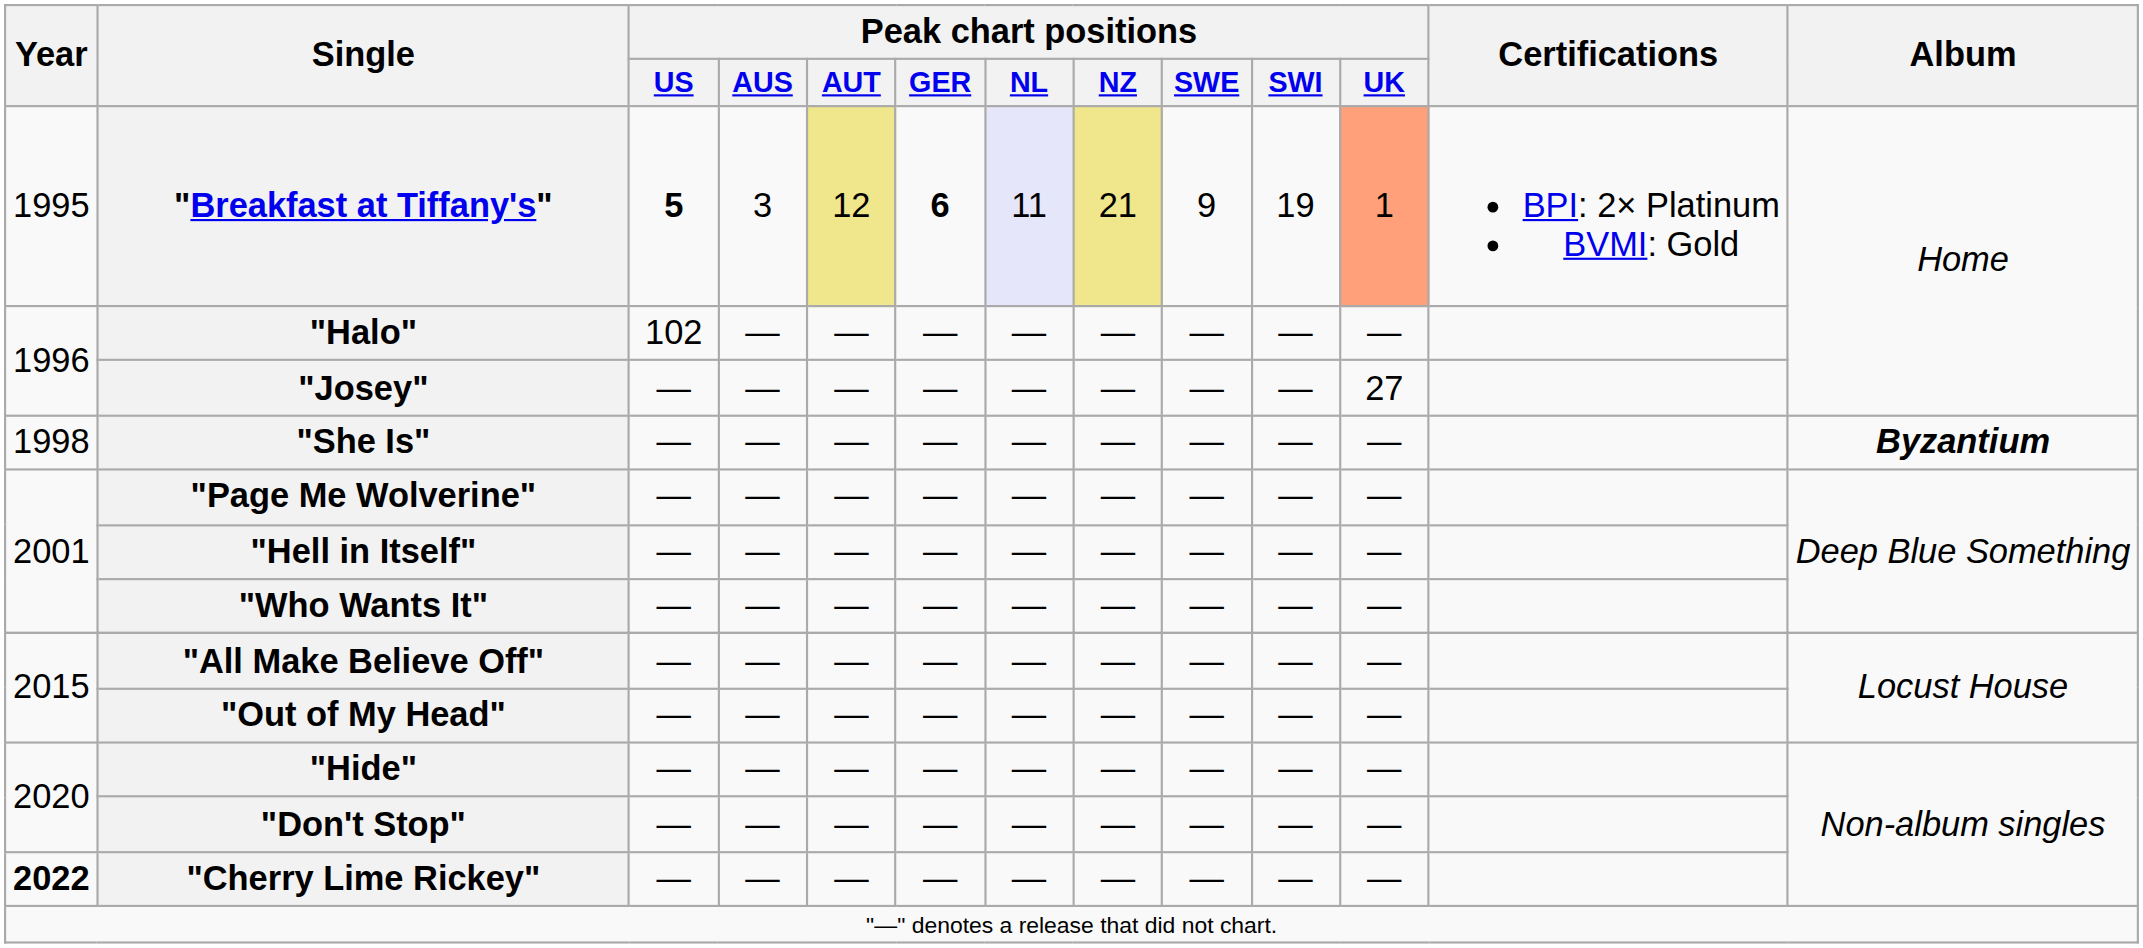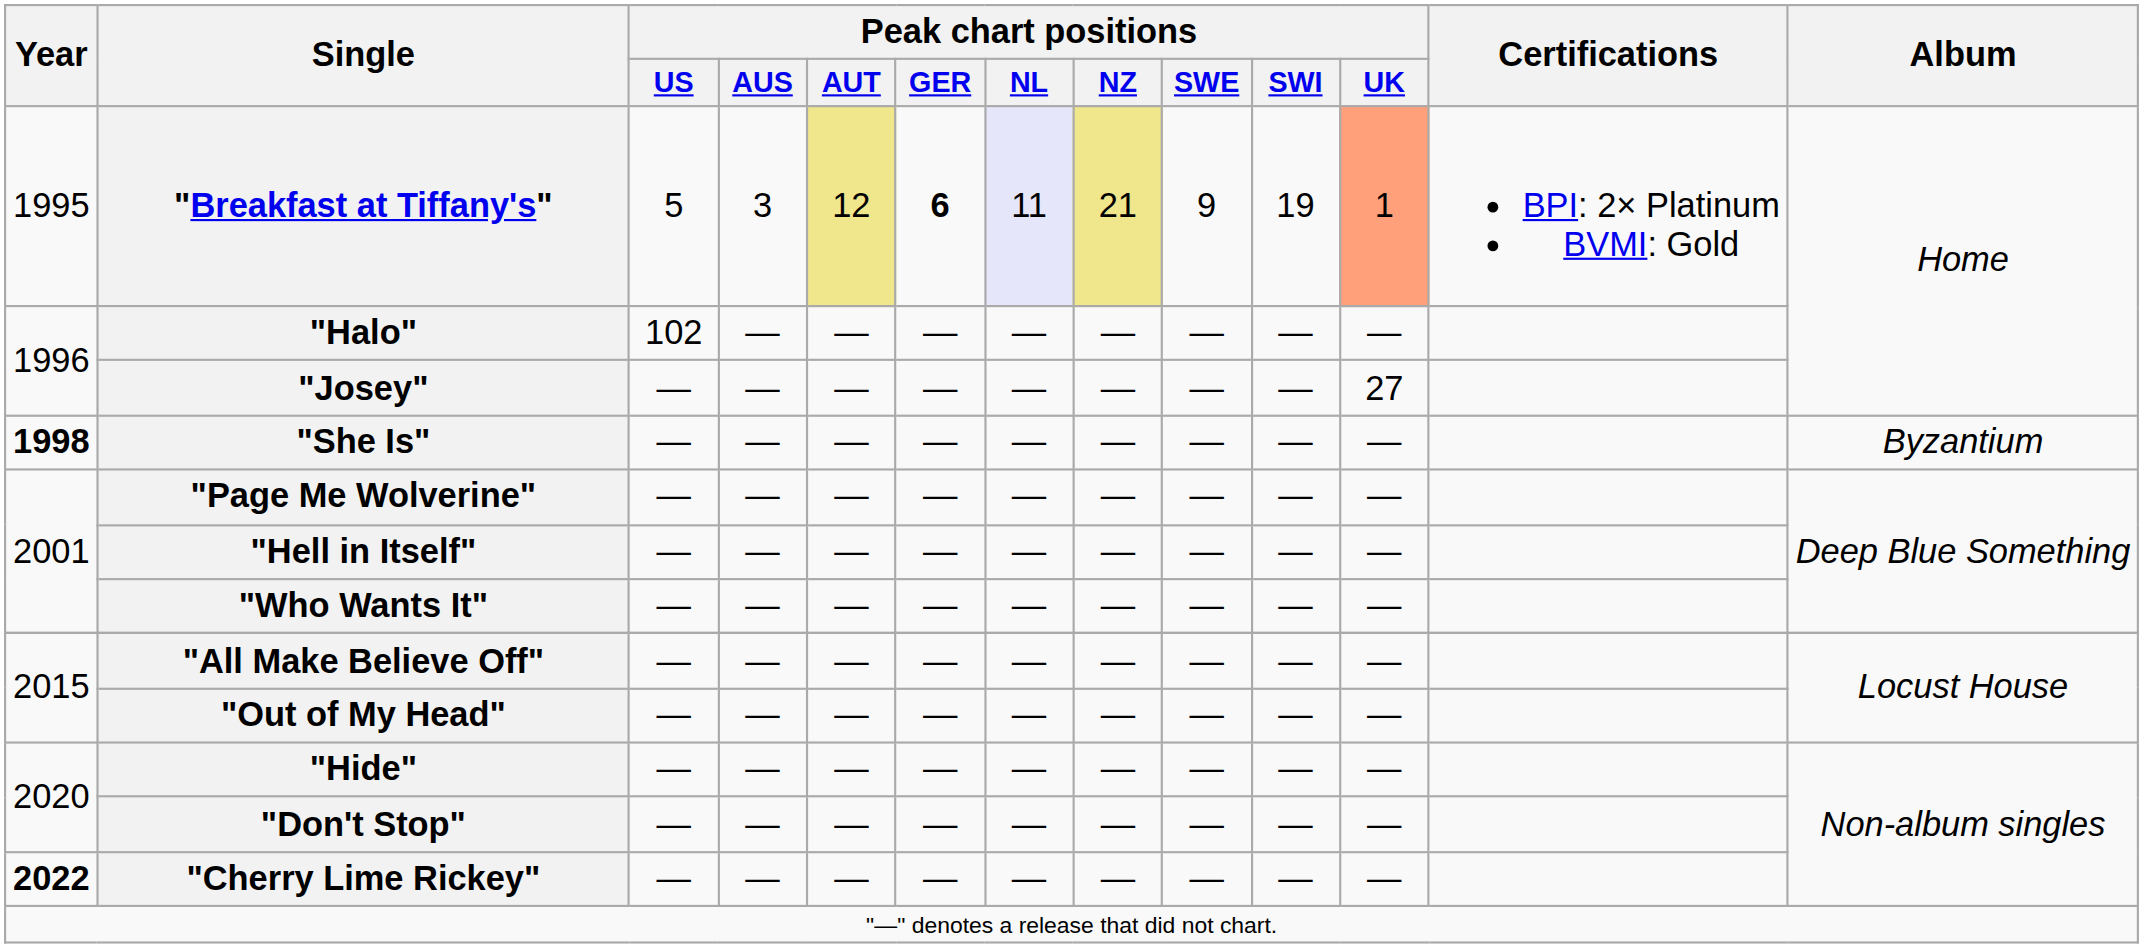 <table class="wikitable plainrowheaders" style="text-align:center;">
 <tr>
 <th rowspan="2">Year</th>
 <th rowspan="2" style="width:15em;">Single</th>
 <th colspan="9">Peak chart positions</th>
 <th rowspan="2">Certifications</th>
 <th rowspan="2">Album</th>
 </tr>
 <tr style="font-size:smaller;">
 <th style="width:35px;"><a href='#'>US</a><br></th>
 <th style="width:35px;"><a href='#'>AUS</a><br></th>
 <th style="width:35px;"><a href='#'>AUT</a><br></th>
 <th style="width:35px;"><a href='#'>GER</a><br></th>
 <th style="width:35px;"><a href='#'>NL</a><br></th>
 <th style="width:35px;"><a href='#'>NZ</a><br></th>
 <th style="width:35px;"><a href='#'>SWE</a><br></th>
 <th style="width:35px;"><a href='#'>SWI</a><br></th>
 <th style="width:35px;"><a href='#'>UK</a><br></th>
 </tr>
 <tr>
 <td>1995</td>
 <th scope="row">"<a href='#'>Breakfast at Tiffany's</a>"</th>
-<td><strong>5</strong></td>
+<td>5</td>
 <td>3</td>
 <td style="background: khaki;">12</td>
 <td><strong>6</strong></td>
 <td style="background: lavender;">11</td>
 <td style="background: khaki;">21</td>
 <td>9</td>
 <td>19</td>
 <td style="background: lightsalmon;">1</td>
 <td><br><ul><li><a href='#'>BPI</a>: 2× Platinum</li><li><a href='#'>BVMI</a>: Gold</li></ul></td>
 <td rowspan="3"><em>Home</em></td>
 </tr>
 <tr>
 <td rowspan="2">1996</td>
 <th scope="row">"Halo"</th>
 <td>102</td>
 <td>—</td>
 <td>—</td>
 <td>—</td>
 <td>—</td>
 <td>—</td>
 <td>—</td>
 <td>—</td>
 <td>—</td>
 <td></td>
 </tr>
 <tr>
 <th scope="row">"Josey"</th>
 <td>—</td>
 <td>—</td>
 <td>—</td>
 <td>—</td>
 <td>—</td>
 <td>—</td>
 <td>—</td>
 <td>—</td>
 <td>27</td>
 <td></td>
 </tr>
 <tr>
-<td>1998</td>
+<td><strong>1998</strong></td>
 <th scope="row">"She Is"</th>
 <td>—</td>
 <td>—</td>
 <td>—</td>
 <td>—</td>
 <td>—</td>
 <td>—</td>
 <td>—</td>
 <td>—</td>
 <td>—</td>
 <td></td>
-<td><strong><em>Byzantium</em></strong></td>
+<td><em>Byzantium</em></td>
 </tr>
 <tr>
 <td rowspan="3">2001</td>
 <th scope="row">"Page Me Wolverine"</th>
 <td>—</td>
 <td>—</td>
 <td>—</td>
 <td>—</td>
 <td>—</td>
 <td>—</td>
 <td>—</td>
 <td>—</td>
 <td>—</td>
 <td></td>
 <td rowspan="3"><em>Deep Blue Something</em></td>
 </tr>
 <tr>
 <th scope="row">"Hell in Itself"</th>
 <td>—</td>
 <td>—</td>
 <td>—</td>
 <td>—</td>
 <td>—</td>
 <td>—</td>
 <td>—</td>
 <td>—</td>
 <td>—</td>
 <td></td>
 </tr>
 <tr>
 <th scope="row">"Who Wants It"</th>
 <td>—</td>
 <td>—</td>
 <td>—</td>
 <td>—</td>
 <td>—</td>
 <td>—</td>
 <td>—</td>
 <td>—</td>
 <td>—</td>
 <td></td>
 </tr>
 <tr>
 </tr>
 <tr>
 <td rowspan="2">2015</td>
 <th scope="row">"All Make Believe Off"</th>
 <td>—</td>
 <td>—</td>
 <td>—</td>
 <td>—</td>
 <td>—</td>
 <td>—</td>
 <td>—</td>
 <td>—</td>
 <td>—</td>
 <td></td>
 <td rowspan="2"><em>Locust House</em></td>
 </tr>
 <tr>
 <th scope="row">"Out of My Head"</th>
 <td>—</td>
 <td>—</td>
 <td>—</td>
 <td>—</td>
 <td>—</td>
 <td>—</td>
 <td>—</td>
 <td>—</td>
 <td>—</td>
 <td></td>
 </tr>
 <tr>
 <td rowspan="2">2020</td>
 <th scope="row">"Hide"</th>
 <td>—</td>
 <td>—</td>
 <td>—</td>
 <td>—</td>
 <td>—</td>
 <td>—</td>
 <td>—</td>
 <td>—</td>
 <td>—</td>
 <td></td>
 <td rowspan="3"><em>Non-album singles</em></td>
 </tr>
 <tr>
 <th scope="row">"Don't Stop"</th>
 <td>—</td>
 <td>—</td>
 <td>—</td>
 <td>—</td>
 <td>—</td>
 <td>—</td>
 <td>—</td>
 <td>—</td>
 <td>—</td>
 <td></td>
 </tr>
 <tr>
 <td><strong>2022</strong></td>
 <th scope="row">"Cherry Lime Rickey"</th>
 <td>—</td>
 <td>—</td>
 <td>—</td>
 <td>—</td>
 <td>—</td>
 <td>—</td>
 <td>—</td>
 <td>—</td>
 <td>—</td>
 <td></td>
 </tr>
 <tr>
 <td colspan="15" style="text-align:center; font-size:8pt;">"—" denotes a release that did not chart.</td>
 </tr>
 </table>
